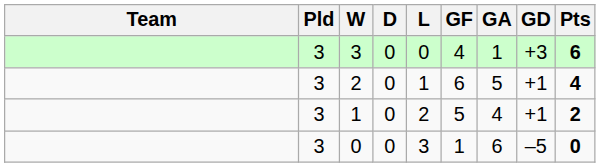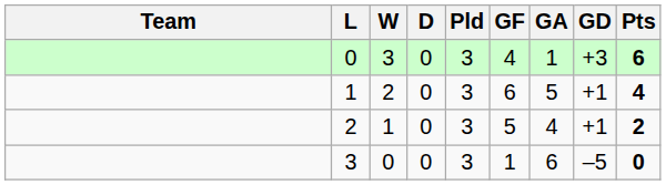 <table class="wikitable" style="text-align:center;">
 <tr>
 <th width=230>Team</th>
-<th width=20>Pld</th>
+<th width=20>L</th>
 <th width=20>W</th>
 <th width=20>D</th>
-<th width=20>L</th>
+<th width=20>Pld</th>
 <th width=20>GF</th>
 <th width=20>GA</th>
 <th Width=20>GD</th>
 <th width=20>Pts</th>
 </tr>
 <tr align=center style="background:#ccffcc;">
 <td style="text-align:left;"></td>
-<td>3</td>
+<td>0</td>
 <td>3</td>
 <td>0</td>
-<td>0</td>
+<td>3</td>
 <td>4</td>
 <td>1</td>
 <td>+3</td>
 <td><strong>6</strong></td>
 </tr>
 <tr align=center>
 <td style="text-align:left;"></td>
-<td>3</td>
+<td>1</td>
 <td>2</td>
 <td>0</td>
-<td>1</td>
+<td>3</td>
 <td>6</td>
 <td>5</td>
 <td>+1</td>
 <td><strong>4</strong></td>
 </tr>
 <tr align=center>
 <td style="text-align:left;"></td>
-<td>3</td>
+<td>2</td>
 <td>1</td>
 <td>0</td>
-<td>2</td>
+<td>3</td>
 <td>5</td>
 <td>4</td>
 <td>+1</td>
 <td><strong>2</strong></td>
 </tr>
 <tr align=center>
 <td style="text-align:left;"></td>
 <td>3</td>
 <td>0</td>
 <td>0</td>
 <td>3</td>
 <td>1</td>
 <td>6</td>
 <td>–5</td>
 <td><strong>0</strong></td>
 </tr>
 </table>
